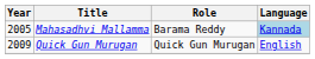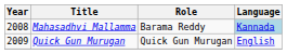 <table class="wikitable plainrowheaders sortable">
 <tr style="background:#ccc; align:center,">
 <th scope="col">Year</th>
 <th scope="col">Title</th>
 <th scope="col">Role</th>
 <th scope="col">Language</th>
 </tr>
 <tr>
-<td>2005</td>
+<td>2008</td>
 <td><em><a href='#'>Mahasadhvi Mallamma</a> </em></td>
 <td>Barama Reddy</td>
 <td style="background: lightblue;"><a href='#'>Kannada</a></td>
 </tr>
 <tr>
 <td>2009</td>
 <td><em><a href='#'>Quick Gun Murugan</a></em></td>
 <td>Quick Gun Murugan</td>
 <td><a href='#'>English</a></td>
 </tr>
 <tr>
 </tr>
 </table>
